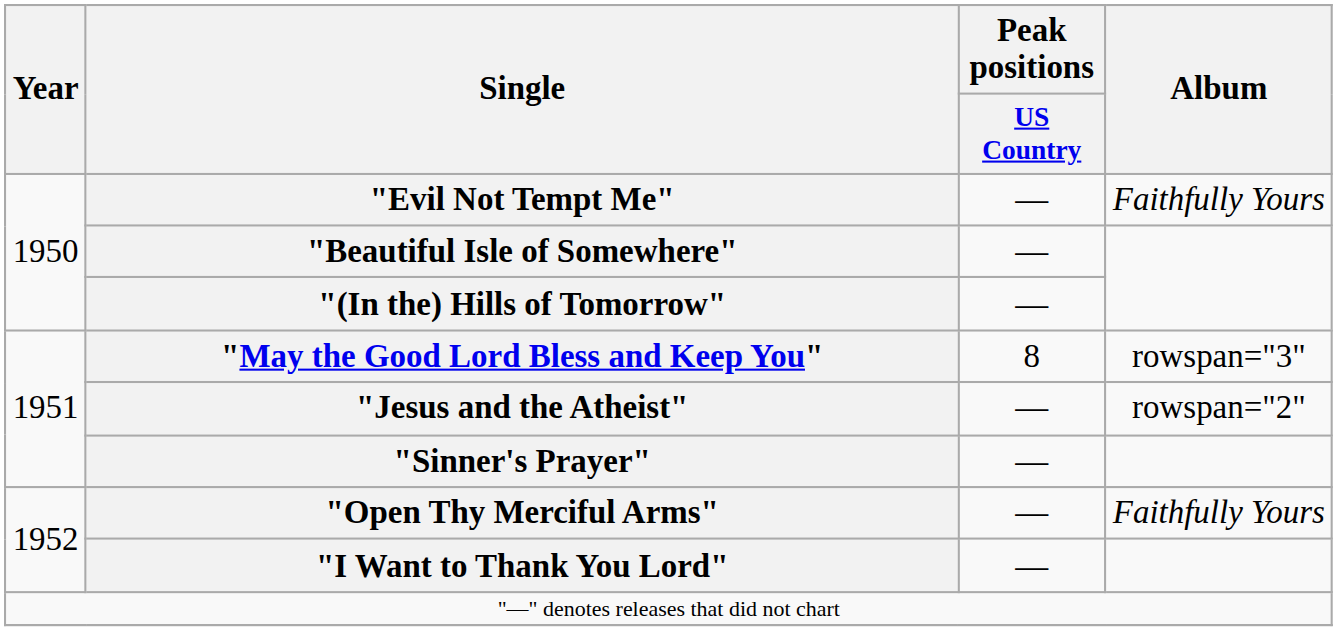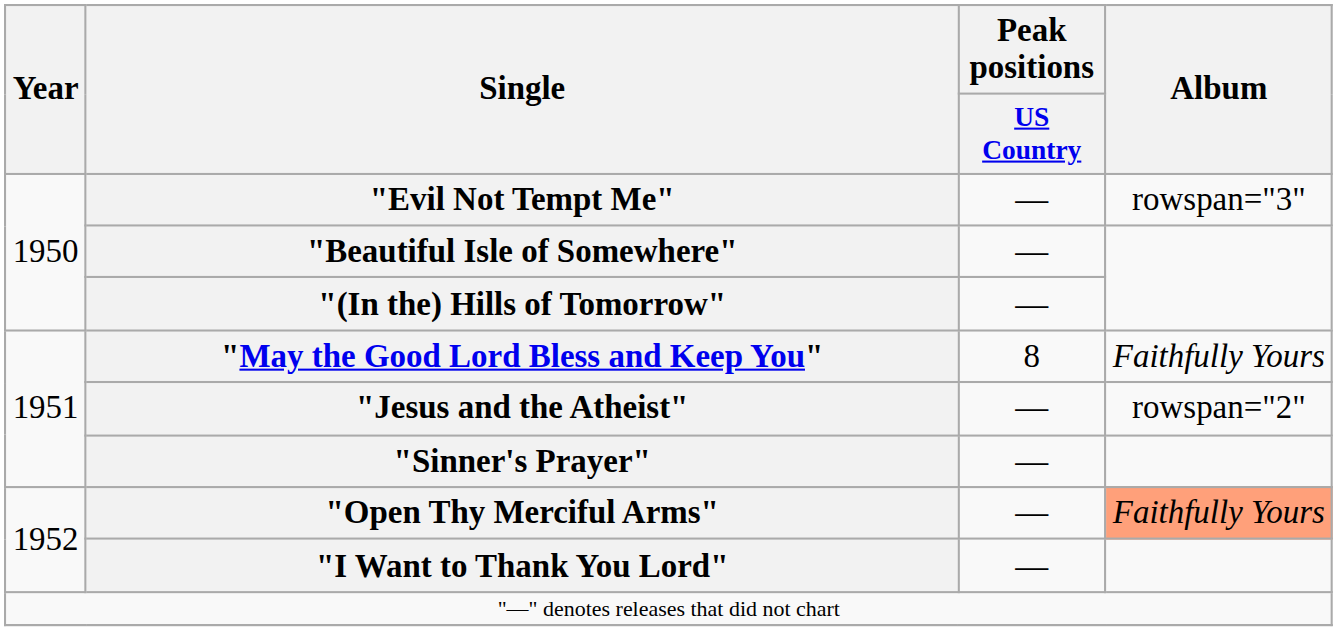 <table class="wikitable plainrowheaders" style="text-align:center;">
 <tr>
 <th rowspan="2">Year</th>
 <th rowspan="2" style="width:26em;">Single</th>
 <th>Peak positions</th>
 <th rowspan="2">Album</th>
 </tr>
 <tr style="font-size:smaller;">
 <th width="65"><a href='#'>US Country</a><br></th>
 </tr>
 <tr>
 <td rowspan="3">1950</td>
 <th scope="row">"Evil Not Tempt Me"</th>
 <td>—</td>
-<td align="left"><em>Faithfully Yours</em></td>
+<td>rowspan="3" </td>
 </tr>
 <tr>
 <th scope="row">"Beautiful Isle of Somewhere"</th>
 <td>—</td>
 </tr>
 <tr>
 <th scope="row">"(In the) Hills of Tomorrow"</th>
 <td>—</td>
 </tr>
 <tr>
 <td rowspan="3">1951</td>
 <th scope="row">"<a href='#'>May the Good Lord Bless and Keep You</a>"</th>
 <td>8</td>
-<td>rowspan="3" </td>
+<td align="left"><em>Faithfully Yours</em></td>
 </tr>
 <tr>
 <th scope="row">"Jesus and the Atheist"</th>
 <td>—</td>
 <td>rowspan="2" </td>
 </tr>
 <tr>
 <th scope="row">"Sinner's Prayer"</th>
 <td>—</td>
 </tr>
 <tr>
 <td rowspan="2">1952</td>
 <th scope="row">"Open Thy Merciful Arms"</th>
 <td>—</td>
-<td align="left"><em>Faithfully Yours</em></td>
+<td align="left" style="background: lightsalmon;"><em>Faithfully Yours</em></td>
 </tr>
 <tr>
 <th scope="row">"I Want to Thank You Lord"</th>
 <td>—</td>
 <td></td>
 </tr>
 <tr>
 <td colspan="4" style="font-size: 8pt">"—" denotes releases that did not chart</td>
 </tr>
 <tr>
 </tr>
 </table>
